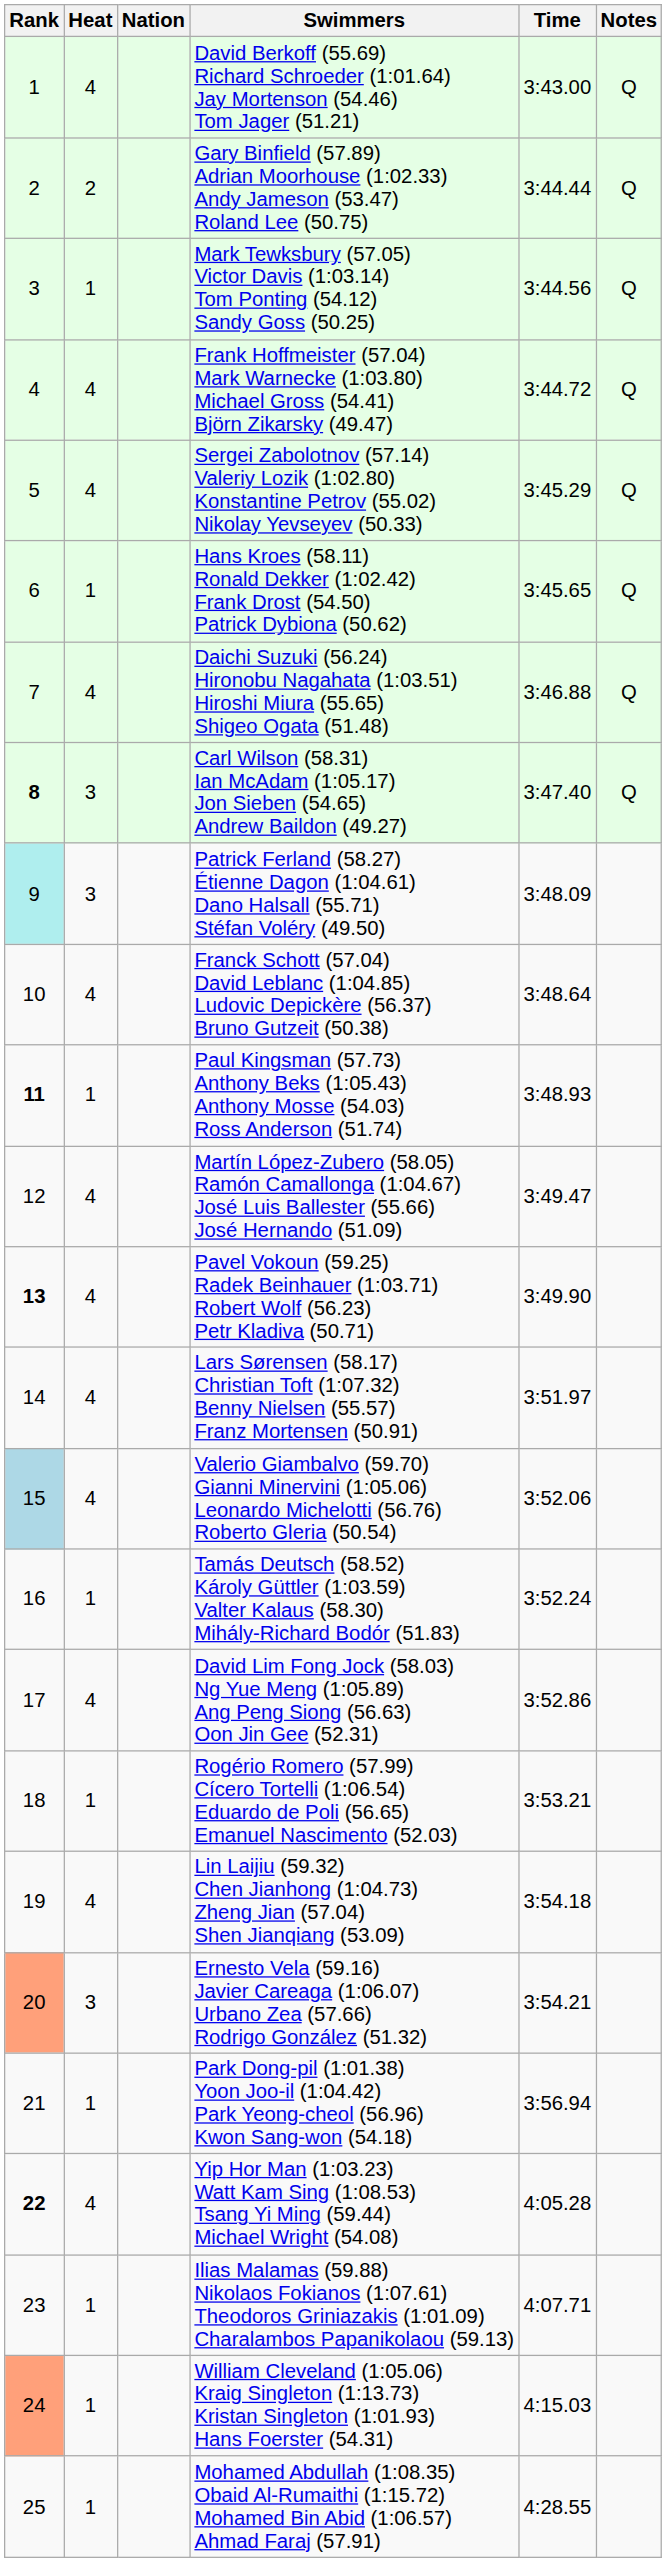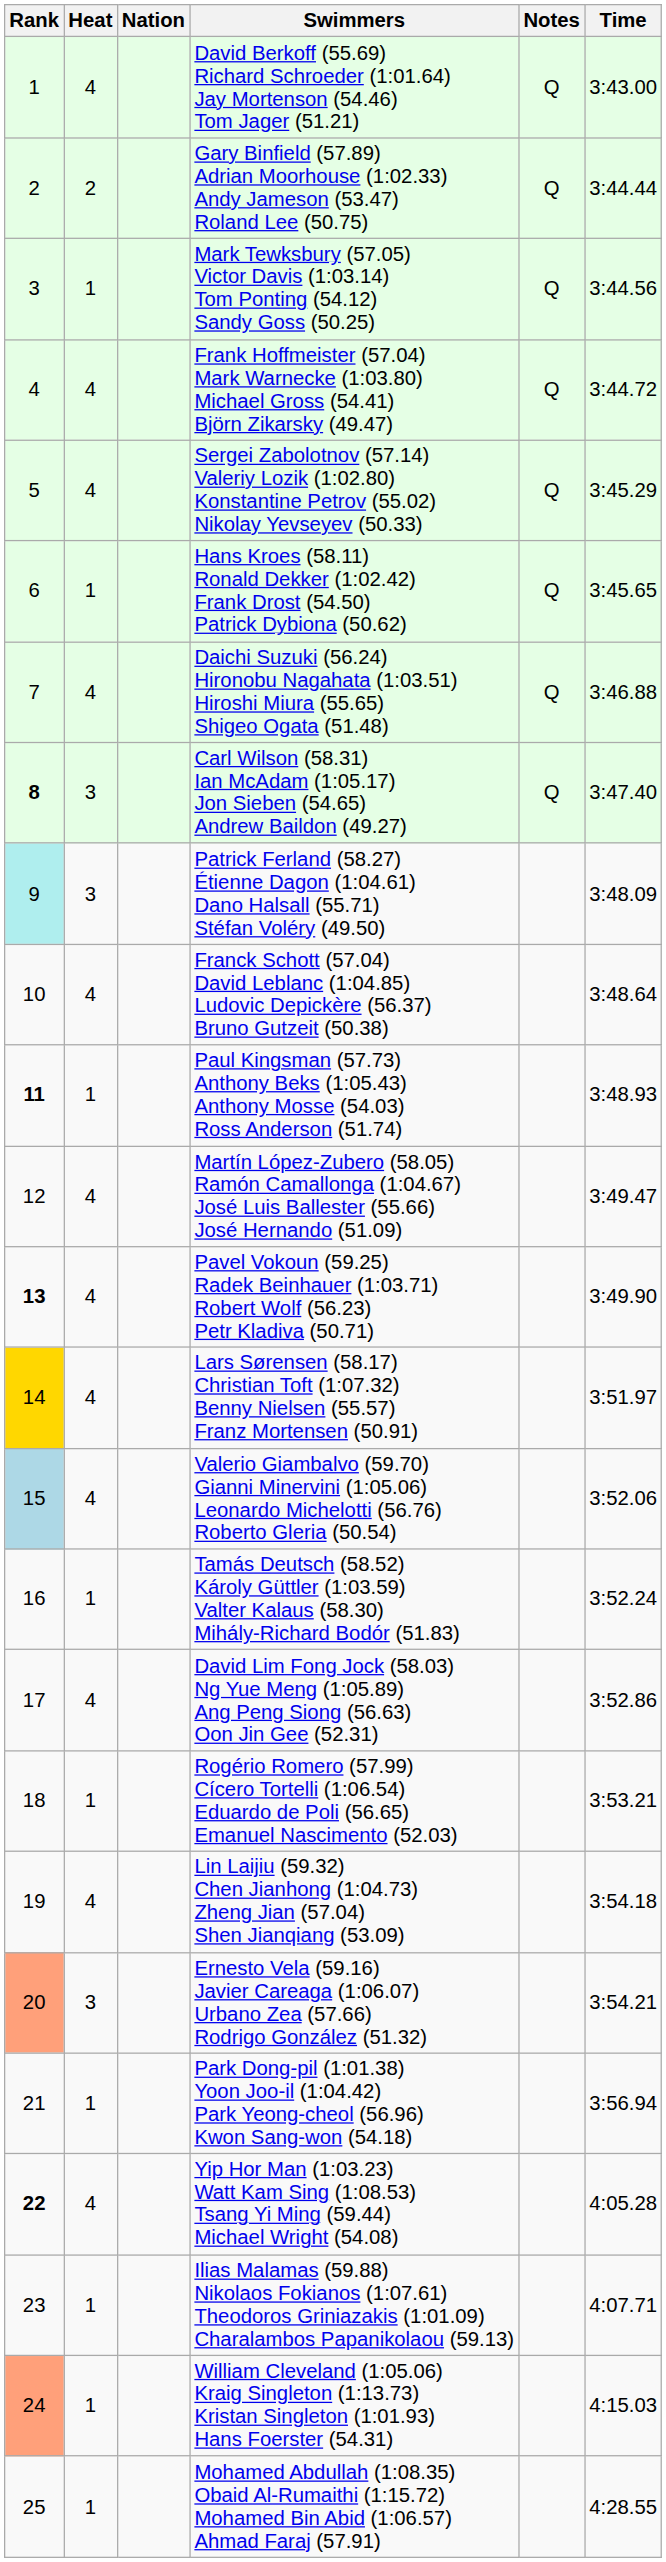 <table class="wikitable sortable" style="text-align:center">
 <tr>
 <th>Rank</th>
 <th>Heat</th>
 <th>Nation</th>
 <th>Swimmers</th>
+<th>Notes</th>
 <th>Time</th>
-<th>Notes</th>
 </tr>
 <tr bgcolor=e5ffe5>
 <td>1</td>
 <td>4</td>
 <td align=left></td>
 <td align=left><a href='#'>David Berkoff</a> (55.69)<br><a href='#'>Richard Schroeder</a> (1:01.64)<br><a href='#'>Jay Mortenson</a> (54.46)<br><a href='#'>Tom Jager</a> (51.21)</td>
+<td>Q</td>
 <td>3:43.00</td>
-<td>Q</td>
 </tr>
 <tr bgcolor=e5ffe5>
 <td>2</td>
 <td>2</td>
 <td align=left></td>
 <td align=left><a href='#'>Gary Binfield</a> (57.89)<br><a href='#'>Adrian Moorhouse</a> (1:02.33)<br><a href='#'>Andy Jameson</a> (53.47)<br><a href='#'>Roland Lee</a> (50.75)</td>
+<td>Q</td>
 <td>3:44.44</td>
-<td>Q</td>
 </tr>
 <tr bgcolor=e5ffe5>
 <td>3</td>
 <td>1</td>
 <td align=left></td>
 <td align=left><a href='#'>Mark Tewksbury</a> (57.05)<br><a href='#'>Victor Davis</a> (1:03.14)<br><a href='#'>Tom Ponting</a> (54.12)<br><a href='#'>Sandy Goss</a> (50.25)</td>
+<td>Q</td>
 <td>3:44.56</td>
-<td>Q</td>
 </tr>
 <tr bgcolor=e5ffe5>
 <td>4</td>
 <td>4</td>
 <td align=left></td>
 <td align=left><a href='#'>Frank Hoffmeister</a> (57.04)<br><a href='#'>Mark Warnecke</a> (1:03.80)<br><a href='#'>Michael Gross</a> (54.41)<br><a href='#'>Björn Zikarsky</a> (49.47)</td>
+<td>Q</td>
 <td>3:44.72</td>
-<td>Q</td>
 </tr>
 <tr bgcolor=e5ffe5>
 <td>5</td>
 <td>4</td>
 <td align=left></td>
 <td align=left><a href='#'>Sergei Zabolotnov</a> (57.14)<br><a href='#'>Valeriy Lozik</a> (1:02.80)<br><a href='#'>Konstantine Petrov</a> (55.02)<br><a href='#'>Nikolay Yevseyev</a> (50.33)</td>
+<td>Q</td>
 <td>3:45.29</td>
-<td>Q</td>
 </tr>
 <tr bgcolor=e5ffe5>
 <td>6</td>
 <td>1</td>
 <td align=left></td>
 <td align=left><a href='#'>Hans Kroes</a> (58.11)<br><a href='#'>Ronald Dekker</a> (1:02.42)<br><a href='#'>Frank Drost</a> (54.50)<br><a href='#'>Patrick Dybiona</a> (50.62)</td>
+<td>Q</td>
 <td>3:45.65</td>
-<td>Q</td>
 </tr>
 <tr bgcolor=e5ffe5>
 <td>7</td>
 <td>4</td>
 <td align=left></td>
 <td align=left><a href='#'>Daichi Suzuki</a> (56.24)<br><a href='#'>Hironobu Nagahata</a> (1:03.51)<br><a href='#'>Hiroshi Miura</a> (55.65)<br><a href='#'>Shigeo Ogata</a> (51.48)</td>
+<td>Q</td>
 <td>3:46.88</td>
-<td>Q</td>
 </tr>
 <tr bgcolor=e5ffe5>
 <td><strong>8</strong></td>
 <td>3</td>
 <td align=left></td>
 <td align=left><a href='#'>Carl Wilson</a> (58.31)<br><a href='#'>Ian McAdam</a> (1:05.17)<br><a href='#'>Jon Sieben</a> (54.65)<br><a href='#'>Andrew Baildon</a> (49.27)</td>
+<td>Q</td>
 <td>3:47.40</td>
-<td>Q</td>
 </tr>
 <tr>
 <td style="background: paleturquoise;">9</td>
 <td>3</td>
 <td align=left></td>
 <td align=left><a href='#'>Patrick Ferland</a> (58.27)<br><a href='#'>Étienne Dagon</a> (1:04.61)<br><a href='#'>Dano Halsall</a> (55.71)<br><a href='#'>Stéfan Voléry</a> (49.50)</td>
+<td></td>
 <td>3:48.09</td>
-<td></td>
 </tr>
 <tr>
 <td>10</td>
 <td>4</td>
 <td align=left></td>
 <td align=left><a href='#'>Franck Schott</a> (57.04)<br><a href='#'>David Leblanc</a> (1:04.85)<br><a href='#'>Ludovic Depickère</a> (56.37)<br><a href='#'>Bruno Gutzeit</a> (50.38)</td>
+<td></td>
 <td>3:48.64</td>
-<td></td>
 </tr>
 <tr>
 <td><strong>11</strong></td>
 <td>1</td>
 <td align=left></td>
 <td align=left><a href='#'>Paul Kingsman</a> (57.73)<br><a href='#'>Anthony Beks</a> (1:05.43)<br><a href='#'>Anthony Mosse</a> (54.03)<br><a href='#'>Ross Anderson</a> (51.74)</td>
+<td></td>
 <td>3:48.93</td>
-<td></td>
 </tr>
 <tr>
 <td>12</td>
 <td>4</td>
 <td align=left></td>
 <td align=left><a href='#'>Martín López-Zubero</a> (58.05)<br><a href='#'>Ramón Camallonga</a> (1:04.67)<br><a href='#'>José Luis Ballester</a> (55.66)<br><a href='#'>José Hernando</a> (51.09)</td>
+<td></td>
 <td>3:49.47</td>
-<td></td>
 </tr>
 <tr>
 <td><strong>13</strong></td>
 <td>4</td>
 <td align=left></td>
 <td align=left><a href='#'>Pavel Vokoun</a> (59.25)<br><a href='#'>Radek Beinhauer</a> (1:03.71)<br><a href='#'>Robert Wolf</a> (56.23)<br><a href='#'>Petr Kladiva</a> (50.71)</td>
+<td></td>
 <td>3:49.90</td>
-<td></td>
 </tr>
 <tr>
-<td>14</td>
+<td style="background: gold;">14</td>
 <td>4</td>
 <td align=left></td>
 <td align=left><a href='#'>Lars Sørensen</a> (58.17)<br><a href='#'>Christian Toft</a> (1:07.32)<br><a href='#'>Benny Nielsen</a> (55.57)<br><a href='#'>Franz Mortensen</a> (50.91)</td>
+<td></td>
 <td>3:51.97</td>
-<td></td>
 </tr>
 <tr>
 <td style="background: lightblue;">15</td>
 <td>4</td>
 <td align=left></td>
 <td align=left><a href='#'>Valerio Giambalvo</a> (59.70)<br><a href='#'>Gianni Minervini</a> (1:05.06)<br><a href='#'>Leonardo Michelotti</a> (56.76)<br><a href='#'>Roberto Gleria</a> (50.54)</td>
+<td></td>
 <td>3:52.06</td>
-<td></td>
 </tr>
 <tr>
 <td>16</td>
 <td>1</td>
 <td align=left></td>
 <td align=left><a href='#'>Tamás Deutsch</a> (58.52)<br><a href='#'>Károly Güttler</a> (1:03.59)<br><a href='#'>Valter Kalaus</a> (58.30)<br><a href='#'>Mihály-Richard Bodór</a> (51.83)</td>
+<td></td>
 <td>3:52.24</td>
-<td></td>
 </tr>
 <tr>
 <td>17</td>
 <td>4</td>
 <td align=left></td>
 <td align=left><a href='#'>David Lim Fong Jock</a> (58.03)<br><a href='#'>Ng Yue Meng</a> (1:05.89)<br><a href='#'>Ang Peng Siong</a> (56.63)<br><a href='#'>Oon Jin Gee</a> (52.31)</td>
+<td></td>
 <td>3:52.86</td>
-<td></td>
 </tr>
 <tr>
 <td>18</td>
 <td>1</td>
 <td align=left></td>
 <td align=left><a href='#'>Rogério Romero</a> (57.99)<br><a href='#'>Cícero Tortelli</a> (1:06.54)<br><a href='#'>Eduardo de Poli</a> (56.65)<br><a href='#'>Emanuel Nascimento</a> (52.03)</td>
+<td></td>
 <td>3:53.21</td>
-<td></td>
 </tr>
 <tr>
 <td>19</td>
 <td>4</td>
 <td align=left></td>
 <td align=left><a href='#'>Lin Laijiu</a> (59.32)<br><a href='#'>Chen Jianhong</a> (1:04.73)<br><a href='#'>Zheng Jian</a> (57.04)<br><a href='#'>Shen Jianqiang</a> (53.09)</td>
+<td></td>
 <td>3:54.18</td>
-<td></td>
 </tr>
 <tr>
 <td style="background: lightsalmon;">20</td>
 <td>3</td>
 <td align=left></td>
 <td align=left><a href='#'>Ernesto Vela</a> (59.16)<br><a href='#'>Javier Careaga</a> (1:06.07)<br><a href='#'>Urbano Zea</a> (57.66)<br><a href='#'>Rodrigo González</a> (51.32)</td>
+<td></td>
 <td>3:54.21</td>
-<td></td>
 </tr>
 <tr>
 <td>21</td>
 <td>1</td>
 <td align=left></td>
 <td align=left><a href='#'>Park Dong-pil</a> (1:01.38)<br><a href='#'>Yoon Joo-il</a> (1:04.42)<br><a href='#'>Park Yeong-cheol</a> (56.96)<br><a href='#'>Kwon Sang-won</a> (54.18)</td>
+<td></td>
 <td>3:56.94</td>
-<td></td>
 </tr>
 <tr>
 <td><strong>22</strong></td>
 <td>4</td>
 <td align=left></td>
 <td align=left><a href='#'>Yip Hor Man</a> (1:03.23)<br><a href='#'>Watt Kam Sing</a> (1:08.53)<br><a href='#'>Tsang Yi Ming</a> (59.44)<br><a href='#'>Michael Wright</a> (54.08)</td>
+<td></td>
 <td>4:05.28</td>
-<td></td>
 </tr>
 <tr>
 <td>23</td>
 <td>1</td>
 <td align=left></td>
 <td align=left><a href='#'>Ilias Malamas</a> (59.88)<br><a href='#'>Nikolaos Fokianos</a> (1:07.61)<br><a href='#'>Theodoros Griniazakis</a> (1:01.09)<br><a href='#'>Charalambos Papanikolaou</a> (59.13)</td>
+<td></td>
 <td>4:07.71</td>
-<td></td>
 </tr>
 <tr>
 <td style="background: lightsalmon;">24</td>
 <td>1</td>
 <td align=left></td>
 <td align=left><a href='#'>William Cleveland</a> (1:05.06)<br><a href='#'>Kraig Singleton</a> (1:13.73)<br><a href='#'>Kristan Singleton</a> (1:01.93)<br><a href='#'>Hans Foerster</a> (54.31)</td>
+<td></td>
 <td>4:15.03</td>
-<td></td>
 </tr>
 <tr>
 <td>25</td>
 <td>1</td>
 <td align=left></td>
 <td align=left><a href='#'>Mohamed Abdullah</a> (1:08.35)<br><a href='#'>Obaid Al-Rumaithi</a> (1:15.72)<br><a href='#'>Mohamed Bin Abid</a> (1:06.57)<br><a href='#'>Ahmad Faraj</a> (57.91)</td>
+<td></td>
 <td>4:28.55</td>
-<td></td>
 </tr>
 </table>
